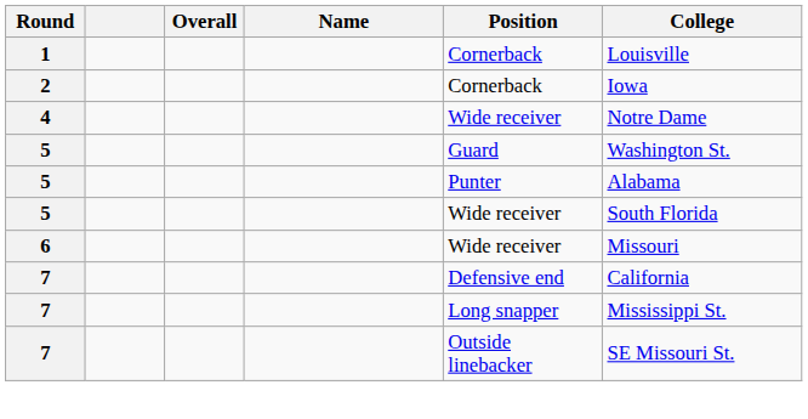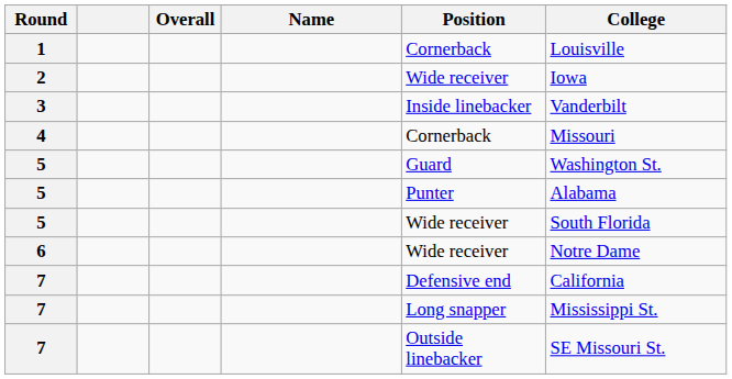 <table class="wikitable sortable" style="width: 50%;">
 <tr>
 <th scope="col" style="width: 10%;">Round</th>
 <th scope="col" style="width: 10%;"></th>
 <th scope="col" style="width: 10%;">Overall</th>
 <th scope="col" style="width: 25%;">Name</th>
 <th scope="col" style="width: 20%;">Position</th>
 <th scope="col" style="width: 25%;">College</th>
 </tr>
 <tr>
 <th scope="row">1</th>
 <td></td>
 <td></td>
 <td></td>
 <td><a href='#'>Cornerback</a></td>
 <td><a href='#'>Louisville</a></td>
 </tr>
 <tr>
 <th scope="row">2</th>
 <td></td>
 <td></td>
 <td></td>
-<td>Cornerback</td>
+<td><a href='#'>Wide receiver</a></td>
 <td><a href='#'>Iowa</a></td>
+</tr>
+<tr>
+<th scope="row">3</th>
+<td></td>
+<td></td>
+<td></td>
+<td><a href='#'>Inside linebacker</a></td>
+<td><a href='#'>Vanderbilt</a></td>
 </tr>
 <tr>
 <th scope="row">4</th>
 <td></td>
 <td></td>
 <td></td>
-<td><a href='#'>Wide receiver</a></td>
-<td><a href='#'>Notre Dame</a></td>
+<td>Cornerback</td>
+<td><a href='#'>Missouri</a></td>
 </tr>
 <tr>
 <th scope="row">5</th>
 <td></td>
 <td></td>
 <td></td>
 <td><a href='#'>Guard</a></td>
 <td><a href='#'>Washington St.</a></td>
 </tr>
 <tr>
 <th scope="row">5</th>
 <td></td>
 <td></td>
 <td></td>
 <td><a href='#'>Punter</a></td>
 <td><a href='#'>Alabama</a></td>
 </tr>
 <tr>
 <th scope="row">5</th>
 <td></td>
 <td></td>
 <td></td>
 <td>Wide receiver</td>
 <td><a href='#'>South Florida</a></td>
 </tr>
 <tr>
 <th scope="row">6</th>
 <td></td>
 <td></td>
 <td></td>
 <td>Wide receiver</td>
-<td><a href='#'>Missouri</a></td>
+<td><a href='#'>Notre Dame</a></td>
 </tr>
 <tr>
 <th scope="row">7</th>
 <td></td>
 <td></td>
 <td></td>
 <td><a href='#'>Defensive end</a></td>
 <td><a href='#'>California</a></td>
 </tr>
 <tr>
 <th scope="row">7</th>
 <td></td>
 <td></td>
 <td></td>
 <td><a href='#'>Long snapper</a></td>
 <td><a href='#'>Mississippi St.</a></td>
 </tr>
 <tr>
 <th scope="row">7</th>
 <td></td>
 <td></td>
 <td></td>
 <td><a href='#'>Outside linebacker</a></td>
 <td><a href='#'>SE Missouri St.</a></td>
 </tr>
 </table>
